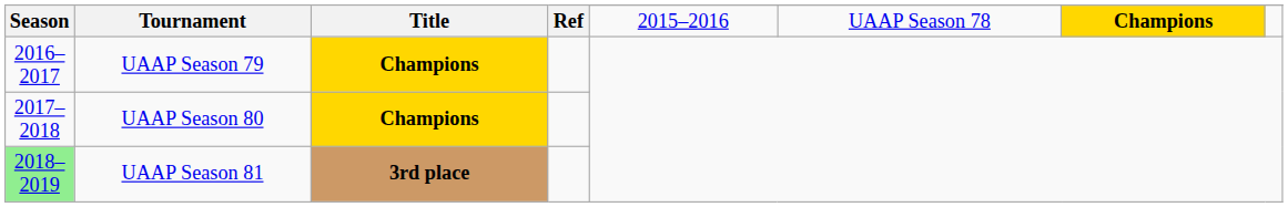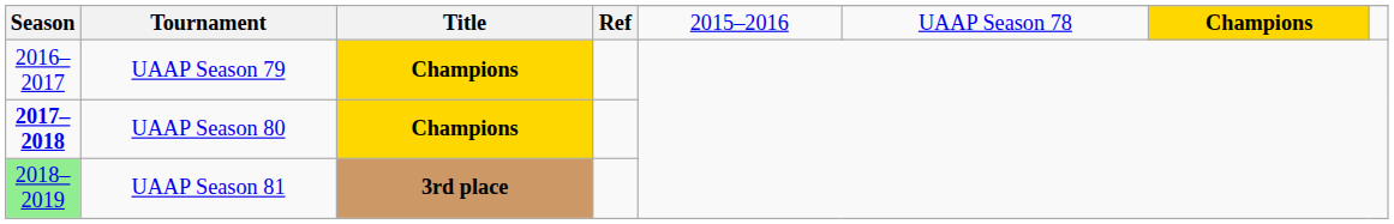 <table class="wikitable sortable" style="text-align:center" width="80%">
 <tr>
 <th style="width:25px;" rowspan="2">Season</th>
 <th style="width:180px;" rowspan="2">Tournament</th>
 <th style="width:180px;" rowspan="2">Title</th>
 <th style="width:25px;" rowspan="2">Ref</th>
 </tr>
 <tr align=center>
 <td><a href='#'>2015–2016</a></td>
 <td><a href='#'>UAAP Season 78</a></td>
 <td style="background:gold;"><strong>Champions</strong></td>
 <td></td>
 </tr>
 <tr align=center>
 <td><a href='#'>2016–2017</a></td>
 <td><a href='#'>UAAP Season 79</a></td>
 <td style="background:gold;"><strong>Champions</strong></td>
 <td></td>
 </tr>
 <tr align=center>
-<td><a href='#'>2017–2018</a></td>
+<td><strong><a href='#'>2017–2018</a></strong></td>
 <td><a href='#'>UAAP Season 80</a></td>
 <td style="background:gold;"><strong>Champions</strong></td>
 <td></td>
 </tr>
 <tr align=center>
 <td style="background: lightgreen;"><a href='#'>2018–2019</a></td>
 <td><a href='#'>UAAP Season 81</a></td>
 <td style="background:#c96;"><strong>3rd place</strong></td>
 <td></td>
 </tr>
 </table>
